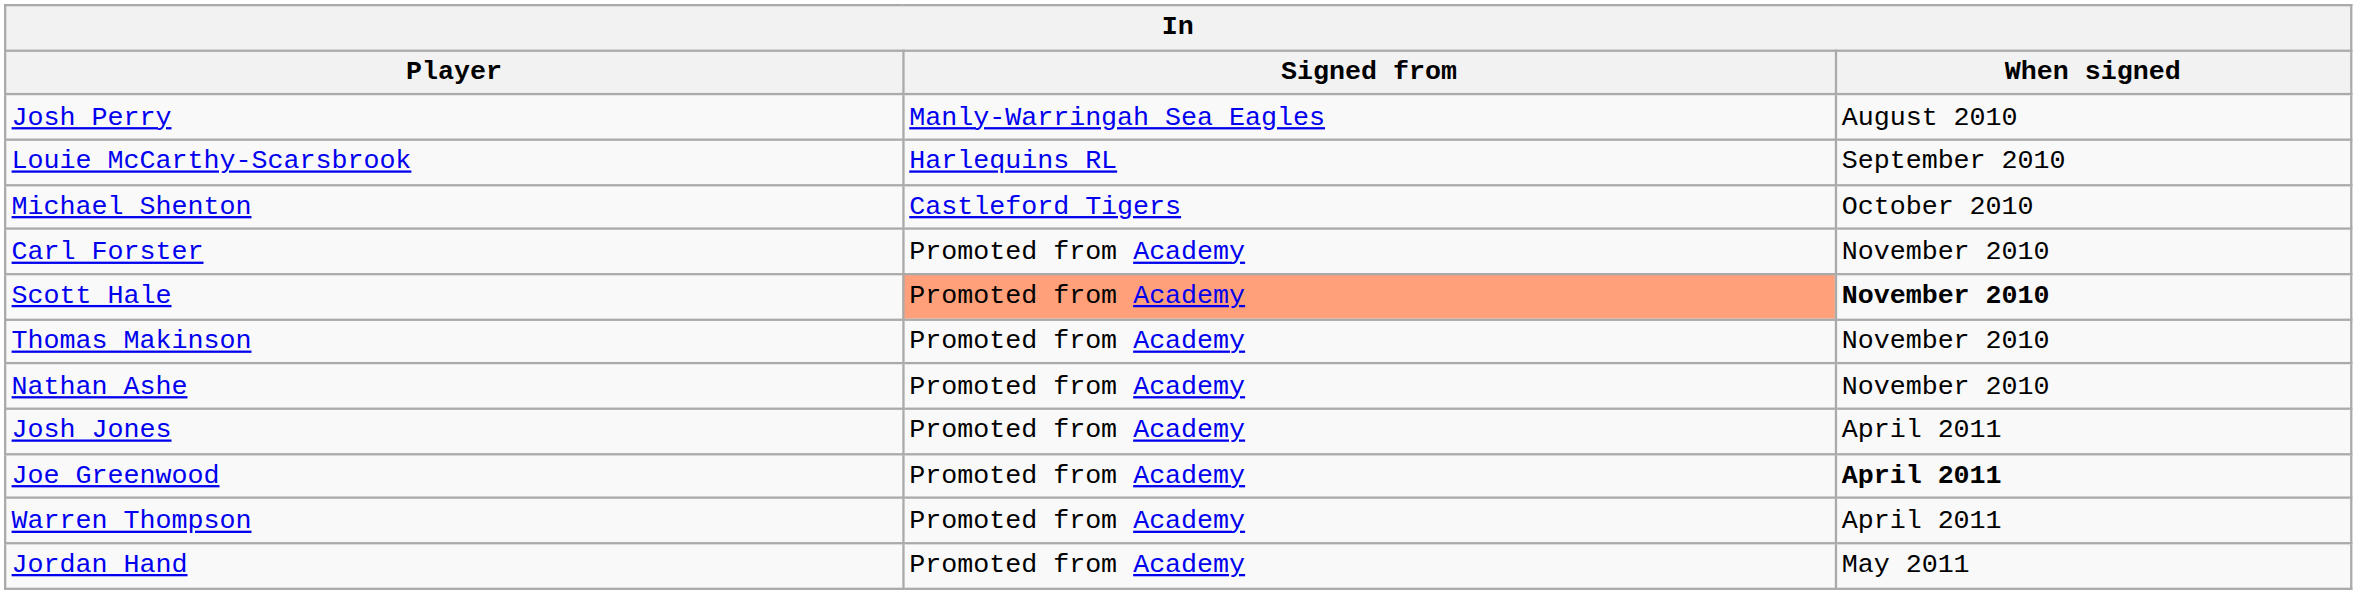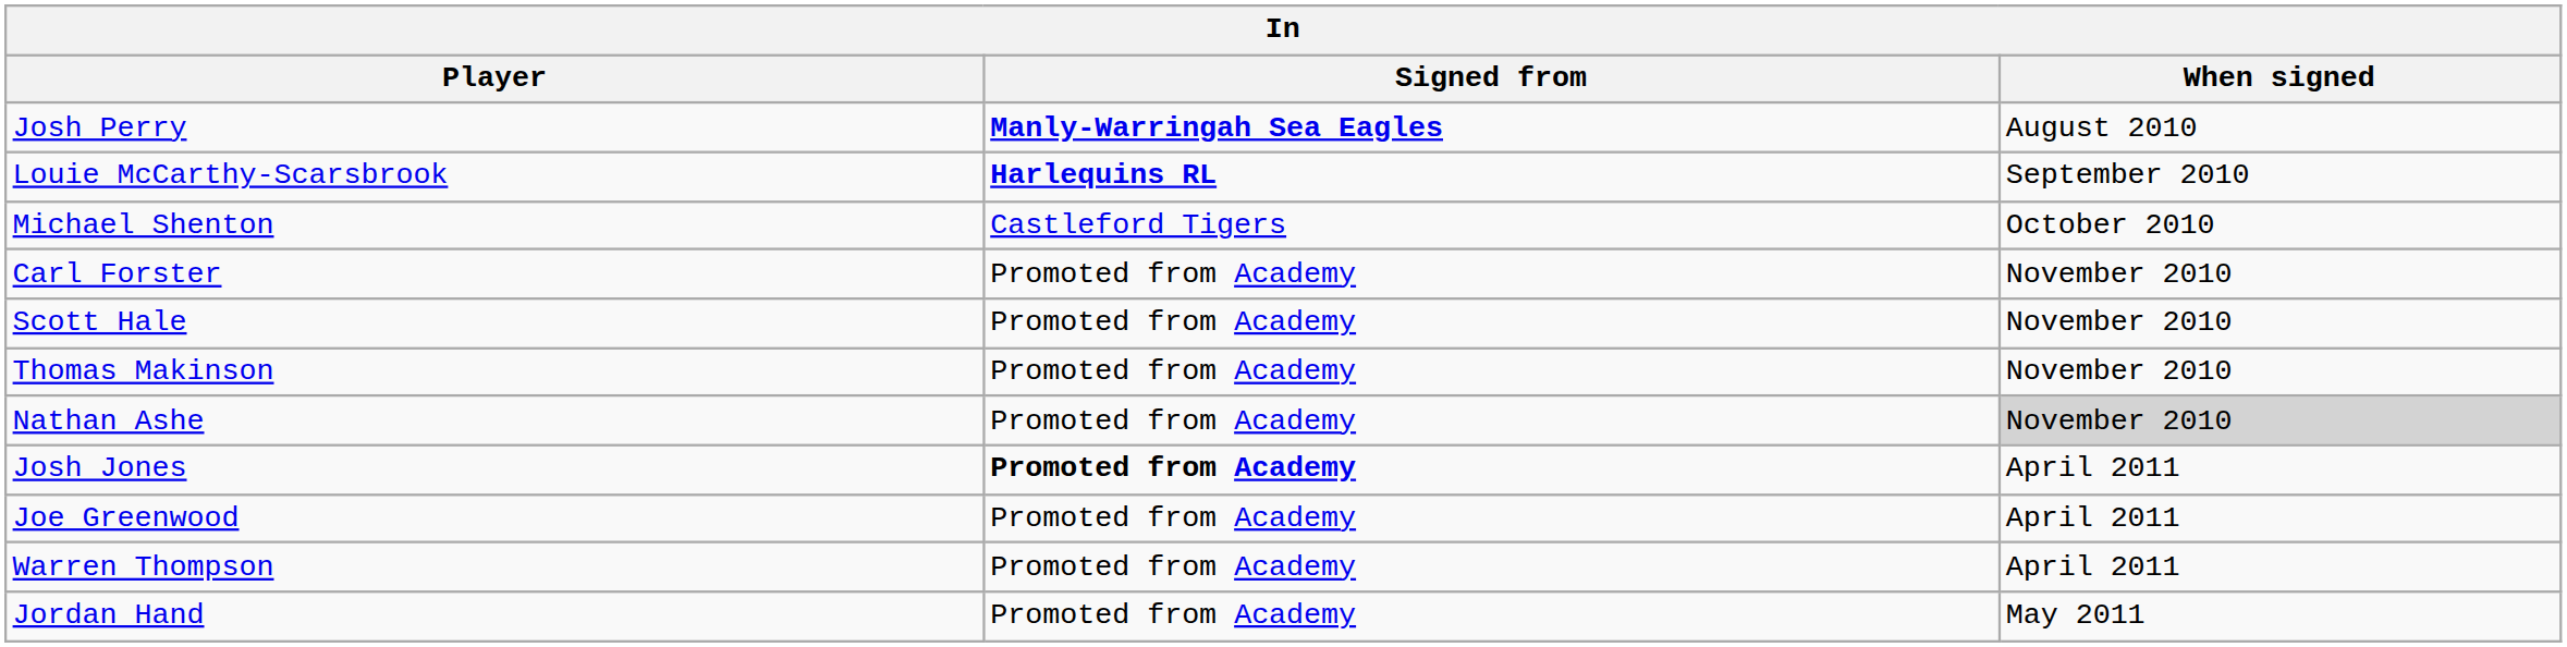 <table class="wikitable"  style="width:65%; font-size:90%;">
 <tr style="background:#efefef;">
 <th colspan=11>In</th>
 </tr>
 <tr>
 <th>Player</th>
 <th>Signed from</th>
 <th>When signed</th>
 </tr>
 <tr>
 <td><a href='#'>Josh Perry</a></td>
-<td><a href='#'>Manly-Warringah Sea Eagles</a></td>
+<td><strong><a href='#'>Manly-Warringah Sea Eagles</a></strong></td>
 <td>August 2010</td>
 </tr>
 <tr>
 <td><a href='#'>Louie McCarthy-Scarsbrook</a></td>
-<td><a href='#'>Harlequins RL</a></td>
+<td><strong><a href='#'>Harlequins RL</a></strong></td>
 <td>September 2010</td>
 </tr>
 <tr>
 <td><a href='#'>Michael Shenton</a></td>
 <td><a href='#'>Castleford Tigers</a></td>
 <td>October 2010</td>
 </tr>
 <tr>
 <td><a href='#'>Carl Forster</a></td>
 <td>Promoted from <a href='#'>Academy</a></td>
 <td>November 2010</td>
 </tr>
 <tr>
 <td><a href='#'>Scott Hale</a></td>
-<td style="background: lightsalmon;">Promoted from <a href='#'>Academy</a></td>
-<td><strong>November 2010</strong></td>
+<td>Promoted from <a href='#'>Academy</a></td>
+<td>November 2010</td>
 </tr>
 <tr>
 <td><a href='#'>Thomas Makinson</a></td>
 <td>Promoted from <a href='#'>Academy</a></td>
 <td>November 2010</td>
 </tr>
 <tr>
 <td><a href='#'>Nathan Ashe</a></td>
 <td>Promoted from <a href='#'>Academy</a></td>
-<td>November 2010</td>
+<td style="background: lightgrey;">November 2010</td>
 </tr>
 <tr>
 <td><a href='#'>Josh Jones</a></td>
-<td>Promoted from <a href='#'>Academy</a></td>
+<td><strong>Promoted from <a href='#'>Academy</a></strong></td>
 <td>April 2011</td>
 </tr>
 <tr>
 <td><a href='#'>Joe Greenwood</a></td>
 <td>Promoted from <a href='#'>Academy</a></td>
-<td><strong>April 2011</strong></td>
+<td>April 2011</td>
 </tr>
 <tr>
 <td><a href='#'>Warren Thompson</a></td>
 <td>Promoted from <a href='#'>Academy</a></td>
 <td>April 2011</td>
 </tr>
 <tr>
 <td><a href='#'>Jordan Hand</a></td>
 <td>Promoted from <a href='#'>Academy</a></td>
 <td>May 2011</td>
 </tr>
 </table>
